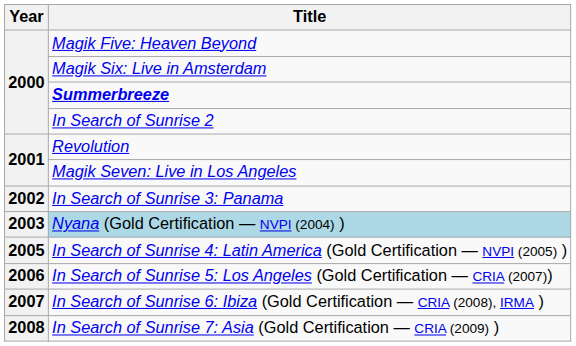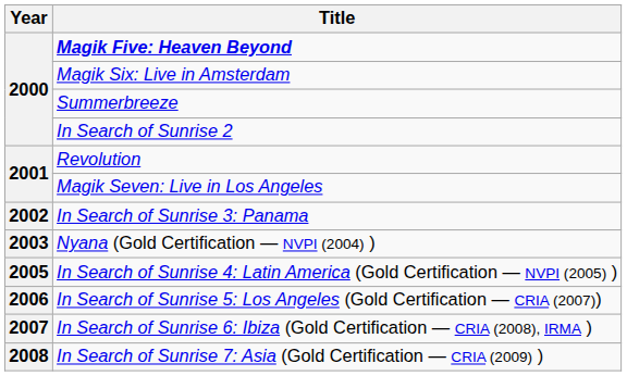 <table class="wikitable plainrowheaders">
 <tr>
 <th>Year</th>
 <th>Title</th>
 </tr>
 <tr>
 <th scope="row" rowspan="4">2000</th>
-<td><em><a href='#'>Magik Five: Heaven Beyond</a></em></td>
+<td><strong><em><a href='#'>Magik Five: Heaven Beyond</a></em></strong></td>
 </tr>
 <tr>
 <td><em><a href='#'>Magik Six: Live in Amsterdam</a></em></td>
 </tr>
 <tr>
-<td><strong><em><a href='#'>Summerbreeze</a></em></strong></td>
+<td><em><a href='#'>Summerbreeze</a></em></td>
 </tr>
 <tr>
 <td><em><a href='#'>In Search of Sunrise 2</a></em></td>
 </tr>
 <tr>
 <th scope="row" rowspan="2">2001</th>
 <td><em><a href='#'>Revolution</a></em></td>
 </tr>
 <tr>
 <td><em><a href='#'>Magik Seven: Live in Los Angeles</a></em></td>
 </tr>
 <tr>
 <th scope="row">2002</th>
 <td><em><a href='#'>In Search of Sunrise 3: Panama</a></em></td>
 </tr>
 <tr>
 <th scope="row">2003</th>
-<td style="background: lightblue;"><em><a href='#'>Nyana</a></em> (Gold Certification — <small><a href='#'>NVPI</a> (2004)</small> )</td>
+<td><em><a href='#'>Nyana</a></em> (Gold Certification — <small><a href='#'>NVPI</a> (2004)</small> )</td>
 </tr>
 <tr>
 <th scope="row">2005</th>
 <td><em><a href='#'>In Search of Sunrise 4: Latin America</a></em> (Gold Certification — <small><a href='#'>NVPI</a> (2005)</small> )</td>
 </tr>
 <tr>
 <th scope="row">2006</th>
 <td><em><a href='#'>In Search of Sunrise 5: Los Angeles</a></em> (Gold Certification — <small><a href='#'>CRIA</a> (2007)</small>)</td>
 </tr>
 <tr>
 <th scope="row">2007</th>
 <td><em><a href='#'>In Search of Sunrise 6: Ibiza</a></em> (Gold Certification — <small><a href='#'>CRIA</a> (2008), <a href='#'>IRMA</a></small> )</td>
 </tr>
 <tr>
 <th scope="row">2008</th>
 <td><em><a href='#'>In Search of Sunrise 7: Asia</a></em> (Gold Certification — <small><a href='#'>CRIA</a> (2009)</small> )</td>
 </tr>
 </table>
